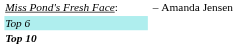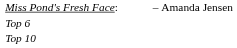 <table>
 <tr>
 <td width=200px align=left><u><em>Miss Pond's Fresh Face</em></u>:</td>
 <td colspan="6"> – Amanda Jensen</td>
 </tr>
 <tr>
-<td style="background: paleturquoise;"><em>Top 6</em></td>
+<td><em>Top 6</em></td>
 <td width=120px></td>
 <td width=120px></td>
 <td width=120px></td>
 <td width=120px></td>
 <td></td>
 </tr>
 <tr>
-<td><strong><em>Top 10</em></strong></td>
+<td><em>Top 10</em></td>
 <td></td>
 <td></td>
 <td></td>
 <td></td>
 </tr>
 <tr>
 </tr>
 </table>
